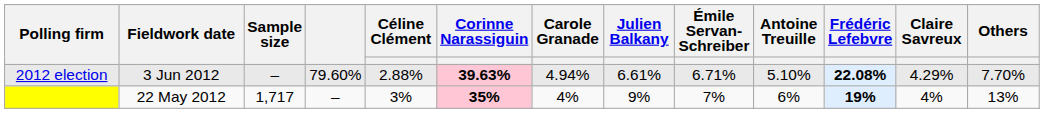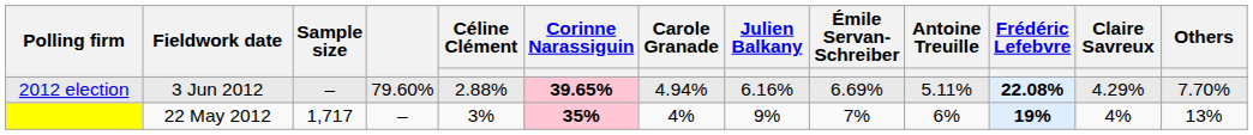 <table class="wikitable sortable" style="text-align:center;font-size:90%;line-height:14px;">
 <tr style="height:40px;">
 <th style="width:100px;" rowspan="2">Polling firm</th>
 <th style="width:110px;" rowspan="2">Fieldwork date</th>
 <th style="width:35px;" rowspan="2">Sample<br>size</th>
 <th style="width:30px;" rowspan="2"></th>
 <th class="unsortable" style="width:60px;">Céline Clément<br></th>
 <th class="unsortable" style="width:60px;"><a href='#'>Corinne Narassiguin</a><br></th>
 <th class="unsortable" style="width:60px;">Carole Granade<br></th>
 <th class="unsortable" style="width:60px;"><a href='#'>Julien Balkany</a><br></th>
 <th class="unsortable" style="width:60px;">Émile Servan-Schreiber<br></th>
 <th class="unsortable" style="width:60px;">Antoine Treuille<br></th>
 <th class="unsortable" style="width:60px;"><a href='#'>Frédéric Lefebvre</a><br></th>
 <th class="unsortable" style="width:60px;">Claire Savreux<br></th>
 <th class="unsortable" style="width:60px;">Others</th>
 </tr>
 <tr>
 <th style="background:"></th>
 <th style="background:"></th>
 <th style="background:"></th>
 <th style="background:"></th>
 <th style="background:"></th>
 <th style="background:"></th>
 <th style="background:"></th>
 <th style="background:"></th>
 <th style="background:"></th>
 </tr>
 <tr style="background:#E9E9E9;">
 <td><a href='#'>2012 election</a></td>
 <td data-sort-value="2012-06-03">3 Jun 2012</td>
 <td>–</td>
 <td>79.60%</td>
 <td>2.88%</td>
-<td style="background:#FFC6D5;"><strong>39.63%</strong></td>
+<td style="background:#FFC6D5;"><strong>39.65%</strong></td>
 <td>4.94%</td>
-<td>6.61%</td>
-<td>6.71%</td>
-<td>5.10%</td>
+<td>6.16%</td>
+<td>6.69%</td>
+<td>5.11%</td>
 <td style="background:#DFEEFF;"><strong>22.08%</strong></td>
 <td>4.29%</td>
 <td>7.70%</td>
 </tr>
 <tr>
 <td style="background:yellow;"></td>
 <td data-sort-value="2012-05-22">22 May 2012</td>
 <td>1,717</td>
 <td>–</td>
 <td>3%</td>
 <td style="background:#FFC6D5;"><strong>35%</strong></td>
 <td>4%</td>
 <td>9%</td>
 <td>7%</td>
 <td>6%</td>
 <td style="background:#DFEEFF;"><strong>19%</strong></td>
 <td>4%</td>
 <td>13%</td>
 </tr>
 </table>
